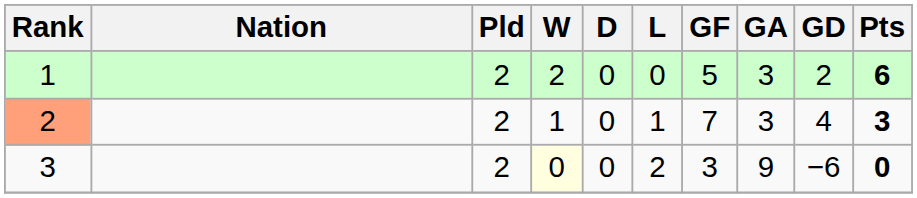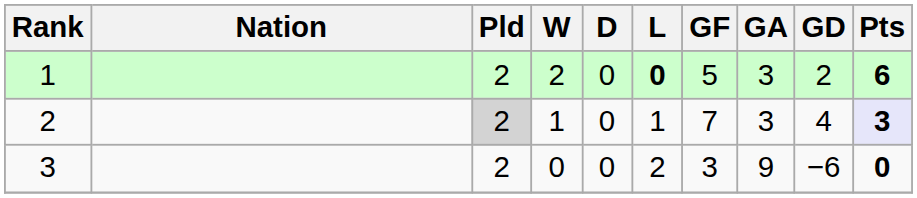 <table class="wikitable" style="text-align: center;">
 <tr>
 <th width=5>Rank</th>
 <th width=200>Nation</th>
 <th width=20>Pld</th>
 <th width=20>W</th>
 <th width=20>D</th>
 <th width=20>L</th>
 <th width=20>GF</th>
 <th width=20>GA</th>
 <th width=20>GD</th>
 <th width=20>Pts</th>
 </tr>
 <tr style="background:#ccffcc">
 <td>1</td>
 <td style="text-align:left"></td>
 <td>2</td>
 <td>2</td>
 <td>0</td>
-<td>0</td>
+<td><strong>0</strong></td>
 <td>5</td>
 <td>3</td>
 <td>2</td>
 <td><strong>6</strong></td>
 </tr>
 <tr>
-<td style="background: lightsalmon;">2</td>
+<td>2</td>
 <td style="text-align:left"></td>
-<td>2</td>
+<td style="background: lightgrey;">2</td>
 <td>1</td>
 <td>0</td>
 <td>1</td>
 <td>7</td>
 <td>3</td>
 <td>4</td>
-<td><strong>3</strong></td>
+<td style="background: lavender;"><strong>3</strong></td>
 </tr>
 <tr>
 <td>3</td>
 <td style="text-align:left"></td>
 <td>2</td>
-<td style="background: lightyellow;">0</td>
+<td>0</td>
 <td>0</td>
 <td>2</td>
 <td>3</td>
 <td>9</td>
 <td>−6</td>
 <td><strong>0</strong></td>
 </tr>
 <tr>
 </tr>
 </table>
